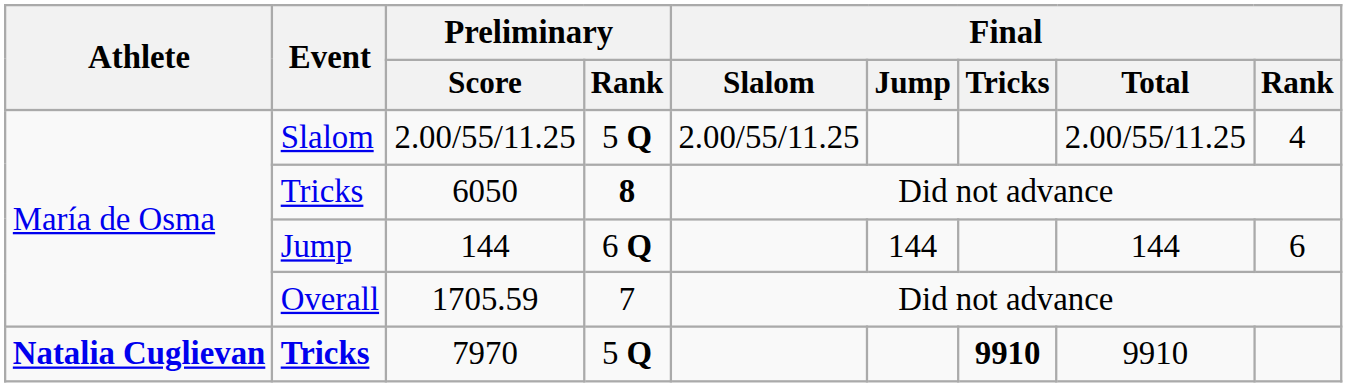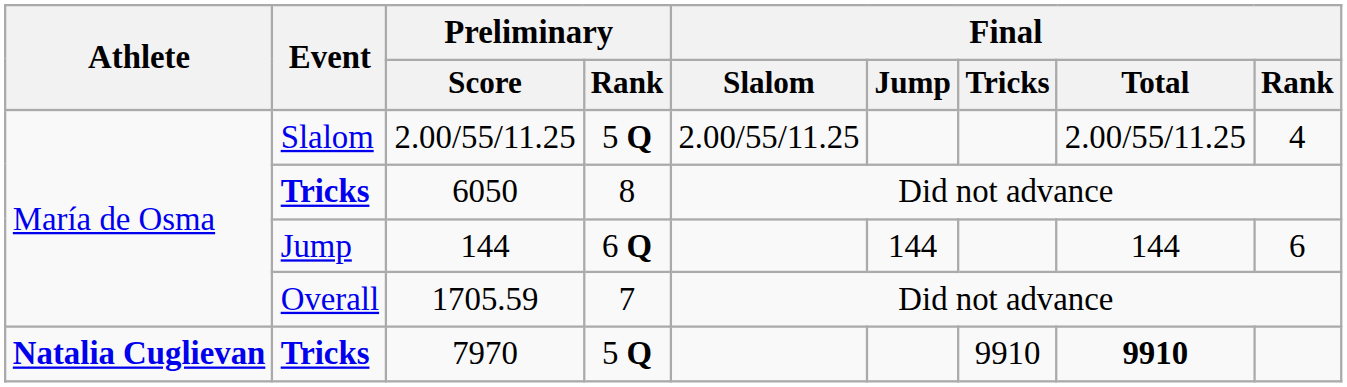 <table class=wikitable style=font-size:90%;text-align:center>
 <tr>
 <th rowspan=2>Athlete</th>
 <th rowspan=2>Event</th>
 <th colspan=2>Preliminary</th>
 <th colspan=5>Final</th>
 </tr>
 <tr style=font-size:95%>
 <th>Score</th>
 <th>Rank</th>
 <th>Slalom</th>
 <th>Jump</th>
 <th>Tricks</th>
 <th>Total</th>
 <th>Rank</th>
 </tr>
 <tr style="text-align:center">
 <td style="text-align:left" rowspan=4><a href='#'>María de Osma</a></td>
 <td style="text-align:left"><a href='#'>Slalom</a></td>
 <td>2.00/55/11.25</td>
 <td>5 <strong>Q</strong></td>
 <td>2.00/55/11.25</td>
 <td></td>
 <td></td>
 <td>2.00/55/11.25</td>
 <td>4</td>
 </tr>
 <tr style="text-align:center">
-<td style="text-align:left"><a href='#'>Tricks</a></td>
+<td style="text-align:left"><strong><a href='#'>Tricks</a></strong></td>
 <td>6050</td>
-<td><strong>8</strong></td>
+<td>8</td>
 <td colspan=5>Did not advance</td>
 </tr>
 <tr style="text-align:center">
 <td style="text-align:left"><a href='#'>Jump</a></td>
 <td>144</td>
 <td>6 <strong>Q</strong></td>
 <td></td>
 <td>144</td>
 <td></td>
 <td>144</td>
 <td>6</td>
 </tr>
 <tr style="text-align:center">
 <td style="text-align:left"><a href='#'>Overall</a></td>
 <td>1705.59</td>
 <td>7</td>
 <td colspan=5>Did not advance</td>
 </tr>
 <tr style="text-align:center">
 <td style="text-align:left"><strong><a href='#'>Natalia Cuglievan</a></strong></td>
 <td style="text-align:left"><strong><a href='#'>Tricks</a></strong></td>
 <td>7970</td>
 <td>5 <strong>Q</strong></td>
 <td></td>
 <td></td>
+<td>9910</td>
 <td><strong>9910</strong></td>
-<td>9910</td>
 <td></td>
 </tr>
 </table>
